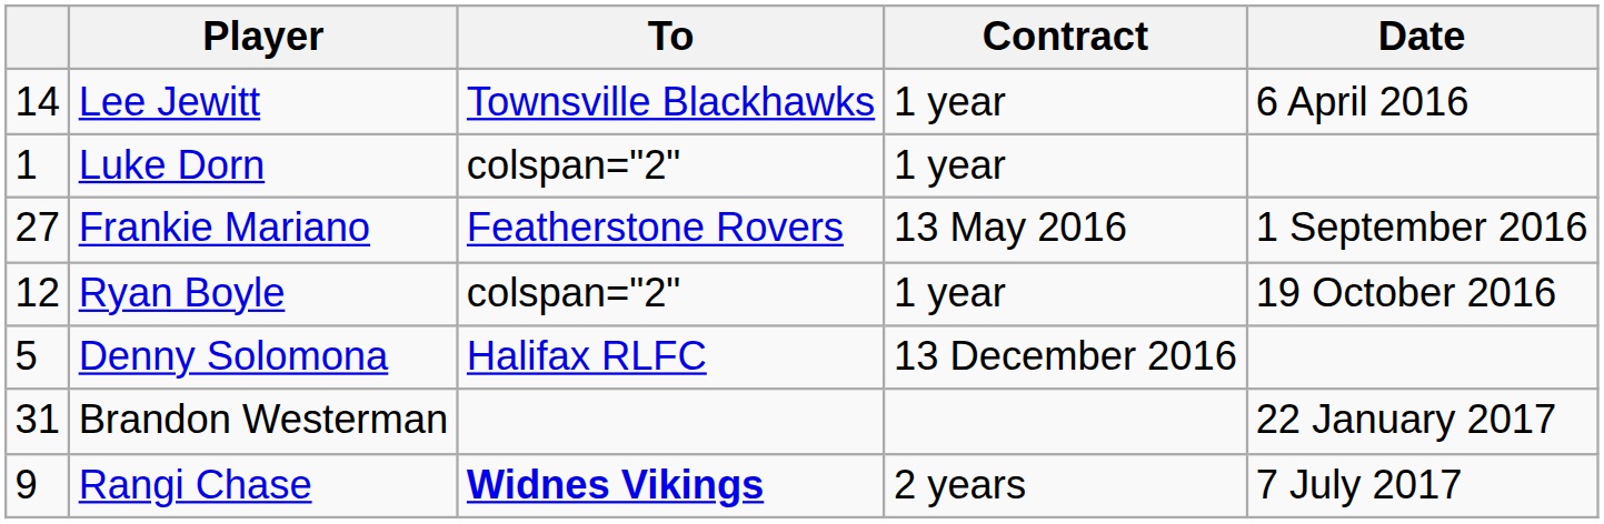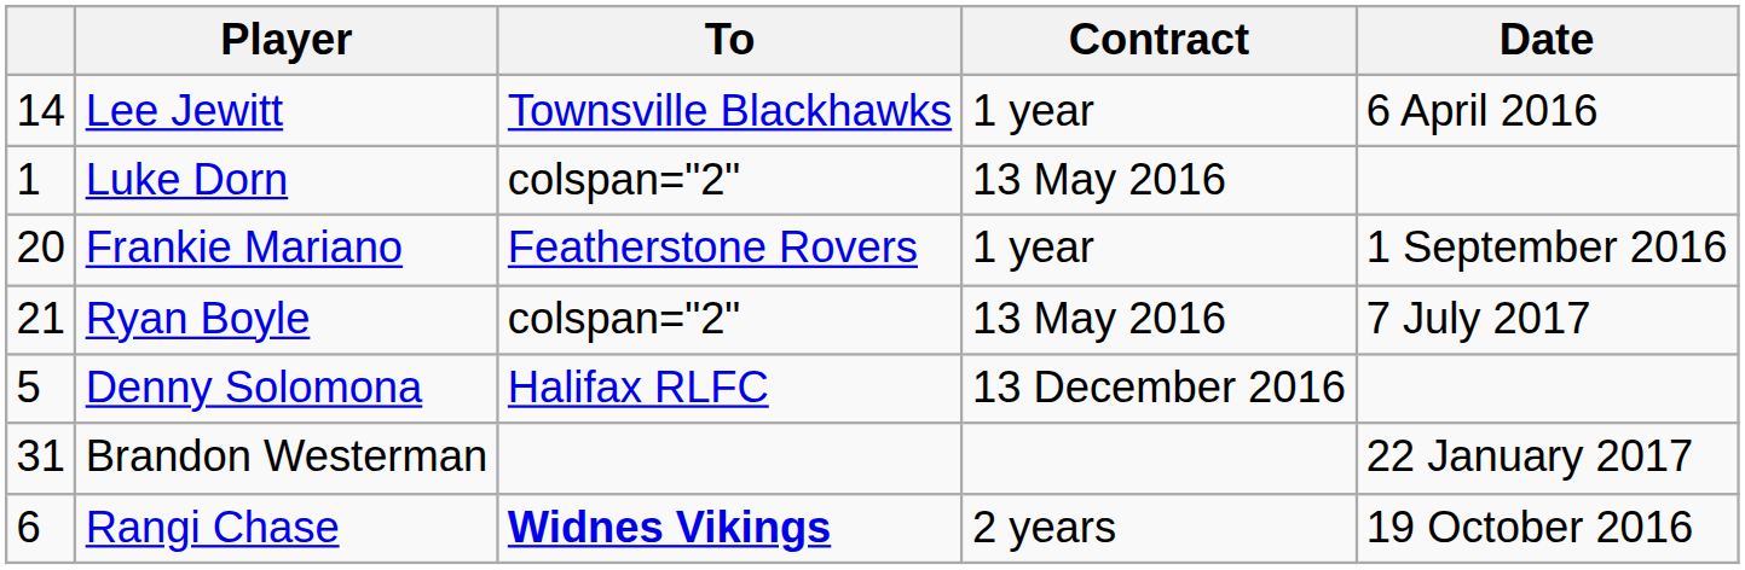 <table class="wikitable defaultleft col1center">
 <tr>
 <th></th>
 <th>Player</th>
 <th>To</th>
 <th>Contract</th>
 <th>Date</th>
 </tr>
 <tr>
 <td>14</td>
 <td> <a href='#'>Lee Jewitt</a></td>
 <td> <a href='#'>Townsville Blackhawks</a></td>
 <td>1 year</td>
 <td>6 April 2016</td>
 </tr>
 <tr>
 <td>1</td>
 <td> <a href='#'>Luke Dorn</a></td>
 <td>colspan="2" </td>
-<td>1 year</td>
+<td>13 May 2016</td>
 </tr>
 <tr>
-<td>27</td>
+<td>20</td>
 <td> <a href='#'>Frankie Mariano</a></td>
 <td> <a href='#'>Featherstone Rovers</a></td>
-<td>13 May 2016</td>
+<td>1 year</td>
 <td>1 September 2016</td>
 </tr>
 <tr>
-<td>12</td>
+<td>21</td>
 <td> <a href='#'>Ryan Boyle</a></td>
 <td>colspan="2" </td>
-<td>1 year</td>
-<td>19 October 2016</td>
+<td>13 May 2016</td>
+<td>7 July 2017</td>
 </tr>
 <tr>
 <td>5</td>
 <td> <a href='#'>Denny Solomona</a></td>
 <td> <a href='#'>Halifax RLFC</a></td>
 <td>13 December 2016</td>
 </tr>
 <tr>
 <td>31</td>
 <td> Brandon Westerman</td>
 <td></td>
 <td></td>
 <td>22 January 2017</td>
 </tr>
 <tr>
-<td>9</td>
+<td>6</td>
 <td> <a href='#'>Rangi Chase</a></td>
 <td><strong> <a href='#'>Widnes Vikings</a></strong></td>
 <td>2 years</td>
-<td>7 July 2017</td>
+<td>19 October 2016</td>
 </tr>
 </table>
